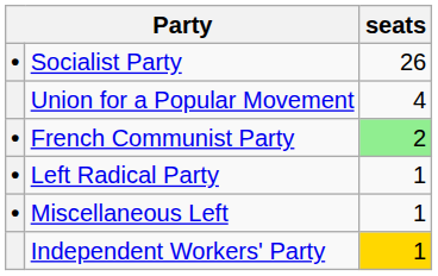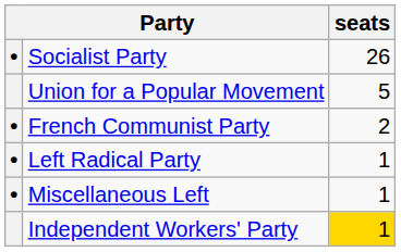 <table class="wikitable" style="font-size: 95%;">
 <tr>
 <th colspan=2>Party</th>
 <th>seats</th>
 </tr>
 <tr>
 <th style="background-color: "><span>•</span></th>
 <td><a href='#'>Socialist Party</a></td>
 <td align="right">26</td>
 </tr>
 <tr>
 <th style="background-color: "></th>
 <td><a href='#'>Union for a Popular Movement</a></td>
-<td align="right">4</td>
+<td align="right">5</td>
 </tr>
 <tr>
 <th style="background-color: "><span>•</span></th>
 <td><a href='#'>French Communist Party</a></td>
-<td align="right" style="background: lightgreen;">2</td>
+<td align="right">2</td>
 </tr>
 <tr>
 <th style="background-color: "><span>•</span></th>
 <td><a href='#'>Left Radical Party</a></td>
 <td align="right">1</td>
 </tr>
 <tr>
 <th style="background-color: "><span>•</span></th>
 <td><a href='#'>Miscellaneous Left</a></td>
 <td align="right">1</td>
 </tr>
 <tr>
 <th style="background-color: "></th>
 <td><a href='#'>Independent Workers' Party</a></td>
 <td align="right" style="background: gold;">1</td>
 </tr>
 </table>
